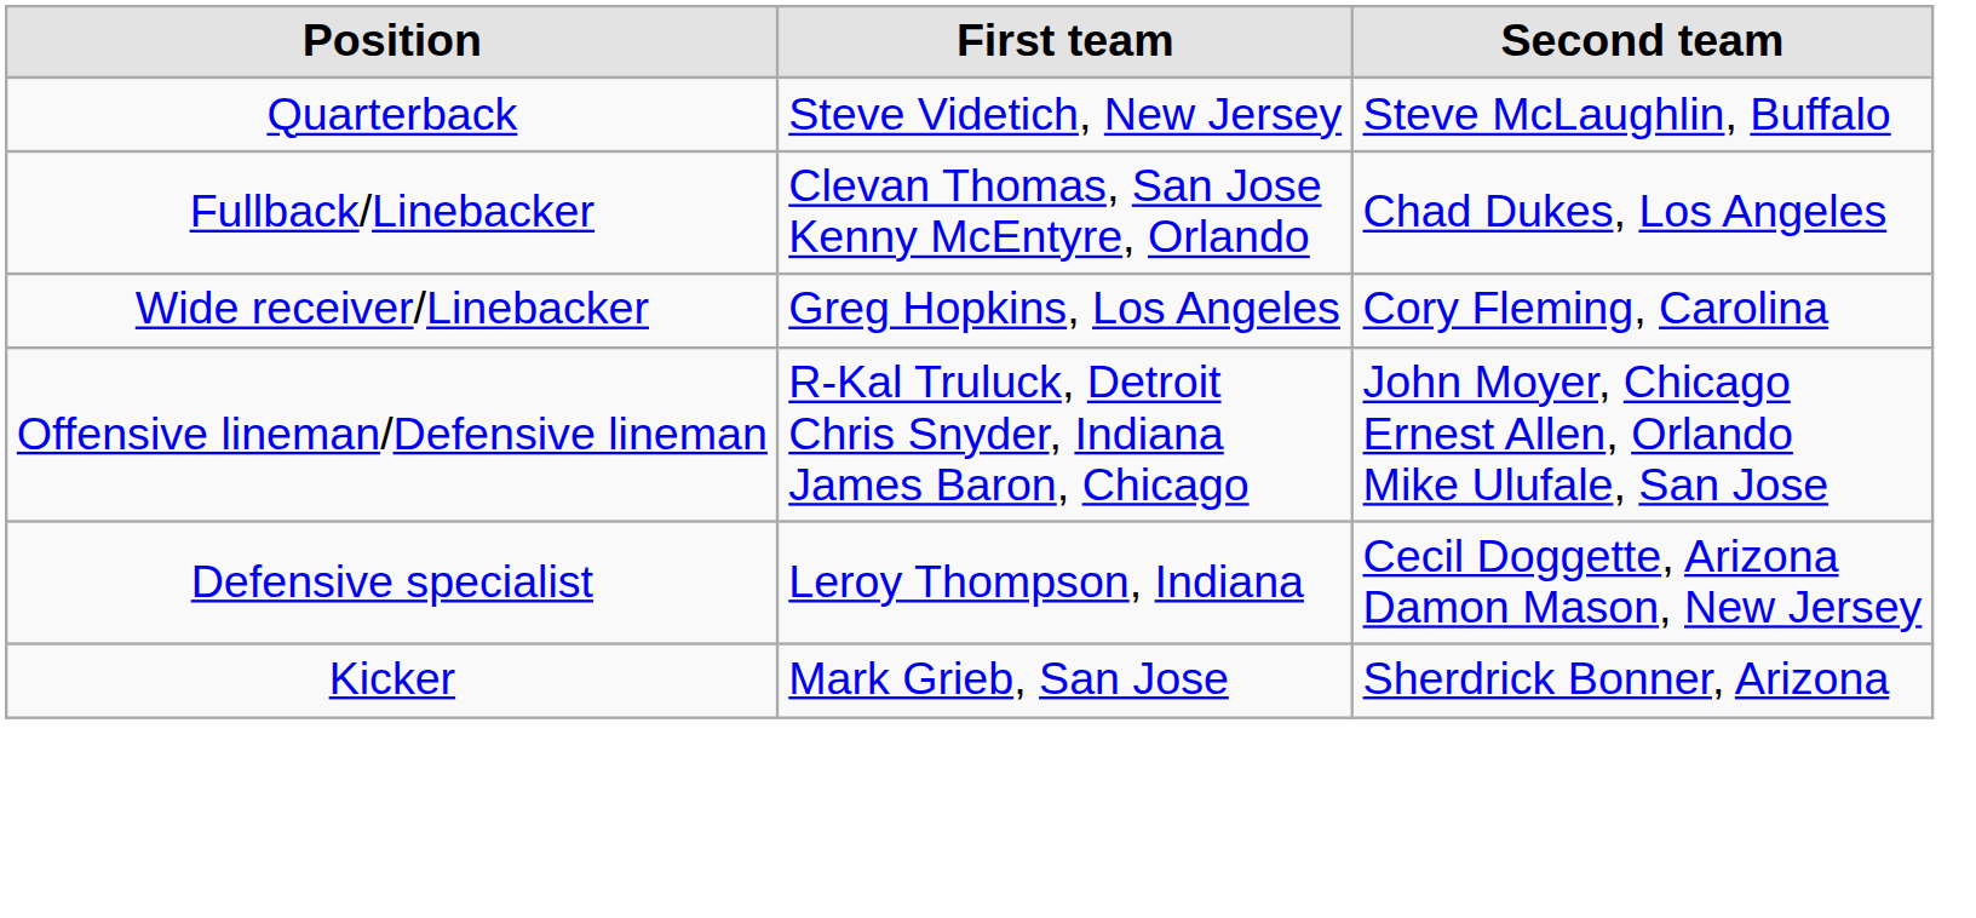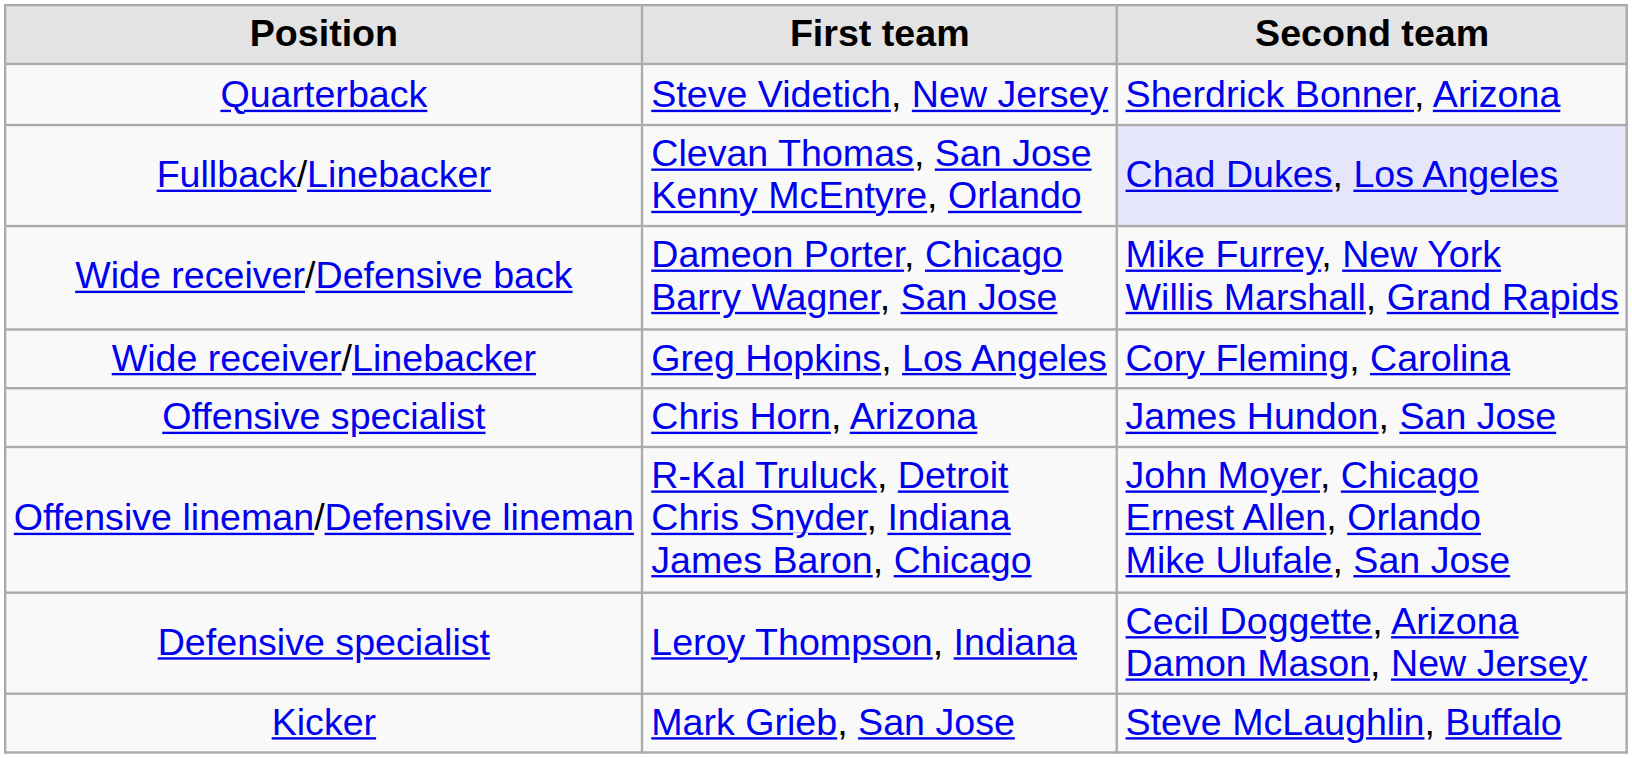 <table class="wikitable">
 <tr>
 <th style="background:#e3e3e3;">Position</th>
 <th style="background:#e3e3e3;">First team</th>
 <th style="background:#e3e3e3;">Second team</th>
 </tr>
 <tr>
 <td align=center><a href='#'>Quarterback</a></td>
 <td><a href='#'>Steve Videtich</a>, <a href='#'>New Jersey</a></td>
-<td><a href='#'>Steve McLaughlin</a>, <a href='#'>Buffalo</a></td>
+<td><a href='#'>Sherdrick Bonner</a>, <a href='#'>Arizona</a></td>
 </tr>
 <tr>
 <td align=center><a href='#'>Fullback</a>/<a href='#'>Linebacker</a></td>
 <td><a href='#'>Clevan Thomas</a>, <a href='#'>San Jose</a><br><a href='#'>Kenny McEntyre</a>, <a href='#'>Orlando</a></td>
-<td><a href='#'>Chad Dukes</a>, <a href='#'>Los Angeles</a></td>
+<td style="background: lavender;"><a href='#'>Chad Dukes</a>, <a href='#'>Los Angeles</a></td>
+</tr>
+<tr>
+<td align=center><a href='#'>Wide receiver</a>/<a href='#'>Defensive back</a></td>
+<td><a href='#'>Dameon Porter</a>, <a href='#'>Chicago</a><br><a href='#'>Barry Wagner</a>, <a href='#'>San Jose</a></td>
+<td><a href='#'>Mike Furrey</a>, <a href='#'>New York</a><br><a href='#'>Willis Marshall</a>, <a href='#'>Grand Rapids</a></td>
 </tr>
 <tr>
 <td align=center><a href='#'>Wide receiver</a>/<a href='#'>Linebacker</a></td>
 <td><a href='#'>Greg Hopkins</a>, <a href='#'>Los Angeles</a></td>
 <td><a href='#'>Cory Fleming</a>, <a href='#'>Carolina</a></td>
+</tr>
+<tr>
+<td align=center><a href='#'>Offensive specialist</a></td>
+<td><a href='#'>Chris Horn</a>, <a href='#'>Arizona</a></td>
+<td><a href='#'>James Hundon</a>, <a href='#'>San Jose</a></td>
 </tr>
 <tr>
 <td align=center><a href='#'>Offensive lineman</a>/<a href='#'>Defensive lineman</a></td>
 <td><a href='#'>R-Kal Truluck</a>, <a href='#'>Detroit</a><br><a href='#'>Chris Snyder</a>, <a href='#'>Indiana</a><br><a href='#'>James Baron</a>, <a href='#'>Chicago</a></td>
 <td><a href='#'>John Moyer</a>, <a href='#'>Chicago</a><br><a href='#'>Ernest Allen</a>, <a href='#'>Orlando</a><br><a href='#'>Mike Ulufale</a>, <a href='#'>San Jose</a></td>
 </tr>
 <tr>
 <td align=center><a href='#'>Defensive specialist</a></td>
 <td><a href='#'>Leroy Thompson</a>, <a href='#'>Indiana</a></td>
 <td><a href='#'>Cecil Doggette</a>, <a href='#'>Arizona</a><br><a href='#'>Damon Mason</a>, <a href='#'>New Jersey</a></td>
 </tr>
 <tr>
 <td align=center><a href='#'>Kicker</a></td>
 <td><a href='#'>Mark Grieb</a>, <a href='#'>San Jose</a></td>
-<td><a href='#'>Sherdrick Bonner</a>, <a href='#'>Arizona</a></td>
+<td><a href='#'>Steve McLaughlin</a>, <a href='#'>Buffalo</a></td>
 </tr>
 </table>
